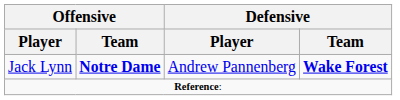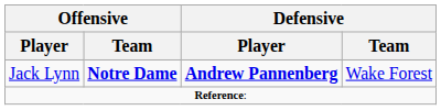 <table class="wikitable" style="text-align: center;">
 <tr>
 <th colspan="2">Offensive</th>
 <th colspan="2">Defensive</th>
 </tr>
 <tr>
 <th>Player</th>
 <th>Team</th>
 <th>Player</th>
 <th>Team</th>
 </tr>
 <tr>
 <td><a href='#'>Jack Lynn</a></td>
 <td><strong><a href='#'>Notre Dame</a></strong></td>
-<td><a href='#'>Andrew Pannenberg</a></td>
-<td><strong><a href='#'>Wake Forest</a></strong></td>
+<td><strong><a href='#'>Andrew Pannenberg</a></strong></td>
+<td><a href='#'>Wake Forest</a></td>
 </tr>
 <tr>
 <td colspan="4"  style="font-size:8pt; text-align:center;"><strong>Reference</strong>:</td>
 </tr>
 </table>
